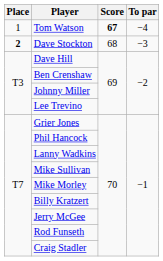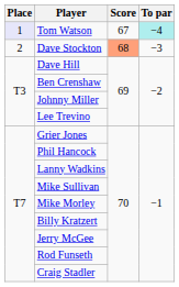 <table class=wikitable>
 <tr>
 <th>Place</th>
 <th>Player</th>
 <th>Score</th>
 <th>To par</th>
 </tr>
 <tr>
-<td align=center>1</td>
+<td align=center style="background: lavender;">1</td>
 <td> <a href='#'>Tom Watson</a></td>
-<td align=center><strong>67</strong></td>
-<td align=center>−4</td>
+<td align=center>67</td>
+<td align=center style="background: paleturquoise;">−4</td>
 </tr>
 <tr>
-<td align=center><strong>2</strong></td>
+<td align=center>2</td>
 <td> <a href='#'>Dave Stockton</a></td>
-<td align=center>68</td>
+<td align=center style="background: lightsalmon;">68</td>
 <td align=center>−3</td>
 </tr>
 <tr>
 <td rowspan=4 align=center>T3</td>
 <td> <a href='#'>Dave Hill</a></td>
 <td rowspan=4 align=center>69</td>
 <td rowspan=4 align=center>−2</td>
 </tr>
 <tr>
 <td> <a href='#'>Ben Crenshaw</a></td>
 </tr>
 <tr>
 <td> <a href='#'>Johnny Miller</a></td>
 </tr>
 <tr>
 <td> <a href='#'>Lee Trevino</a></td>
 </tr>
 <tr>
 <td rowspan=9 align=center>T7</td>
 <td> <a href='#'>Grier Jones</a></td>
 <td rowspan=9 align=center>70</td>
 <td rowspan=9 align=center>−1</td>
 </tr>
 <tr>
 <td> <a href='#'>Phil Hancock</a></td>
 </tr>
 <tr>
 <td> <a href='#'>Lanny Wadkins</a></td>
 </tr>
 <tr>
 <td> <a href='#'>Mike Sullivan</a></td>
 </tr>
 <tr>
 <td> <a href='#'>Mike Morley</a></td>
 </tr>
 <tr>
 <td> <a href='#'>Billy Kratzert</a></td>
 </tr>
 <tr>
 <td> <a href='#'>Jerry McGee</a></td>
 </tr>
 <tr>
 <td> <a href='#'>Rod Funseth</a></td>
 </tr>
 <tr>
 <td> <a href='#'>Craig Stadler</a></td>
 </tr>
 </table>
